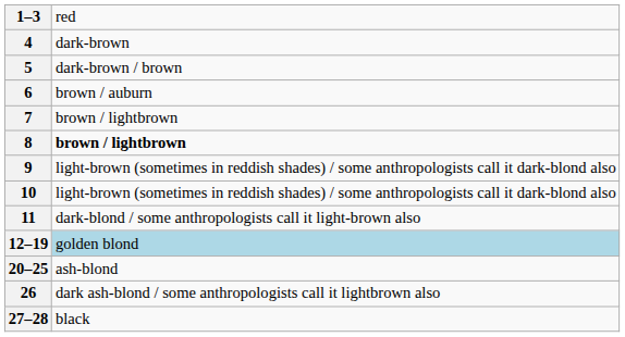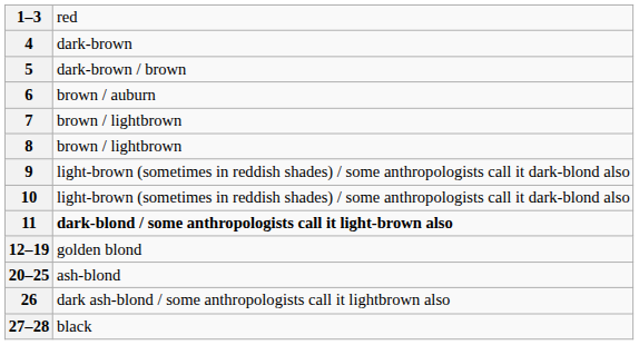 <table class="wikitable">
 <tr>
 <th>1–3</th>
 <td>red</td>
 </tr>
 <tr>
 <th>4</th>
 <td>dark-brown</td>
 </tr>
 <tr>
 <th>5</th>
 <td>dark-brown / brown</td>
 </tr>
 <tr>
 <th>6</th>
 <td>brown / auburn</td>
 </tr>
 <tr>
 <th>7</th>
 <td>brown / lightbrown</td>
 </tr>
 <tr>
 <th>8</th>
-<td><strong>brown / lightbrown</strong></td>
+<td>brown / lightbrown</td>
 </tr>
 <tr>
 <th>9</th>
 <td>light-brown (sometimes in reddish shades) / some anthropologists call it dark-blond also</td>
 </tr>
 <tr>
 <th>10</th>
 <td>light-brown (sometimes in reddish shades) / some anthropologists call it dark-blond also</td>
 </tr>
 <tr>
 <th>11</th>
-<td>dark-blond / some anthropologists call it light-brown also</td>
+<td><strong>dark-blond / some anthropologists call it light-brown also</strong></td>
 </tr>
 <tr>
 <th>12–19</th>
-<td style="background: lightblue;">golden blond</td>
+<td>golden blond</td>
 </tr>
 <tr>
 <th>20–25</th>
 <td>ash-blond</td>
 </tr>
 <tr>
 <th>26</th>
 <td>dark ash-blond / some anthropologists call it lightbrown also</td>
 </tr>
 <tr>
 <th>27–28</th>
 <td>black</td>
 </tr>
 </table>
